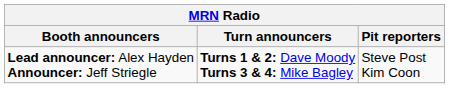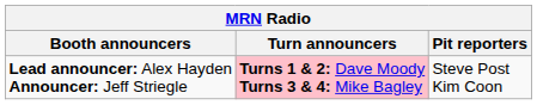 <table class="wikitable" style="font-size: 95%">
 <tr>
 <th colspan="3"><a href='#'>MRN</a> Radio</th>
 </tr>
 <tr>
 <th>Booth announcers</th>
 <th>Turn announcers</th>
 <th>Pit reporters</th>
 </tr>
 <tr>
 <td><strong>Lead announcer:</strong> Alex Hayden<br><strong>Announcer:</strong> Jeff Striegle</td>
-<td><strong>Turns 1 & 2:</strong> <a href='#'>Dave Moody</a><br><strong>Turns 3 & 4:</strong> <a href='#'>Mike Bagley</a></td>
+<td style="background: pink;"><strong>Turns 1 & 2:</strong> <a href='#'>Dave Moody</a><br><strong>Turns 3 & 4:</strong> <a href='#'>Mike Bagley</a></td>
 <td>Steve Post<br>Kim Coon</td>
 </tr>
 </table>
